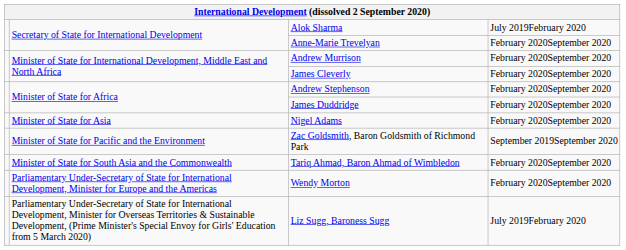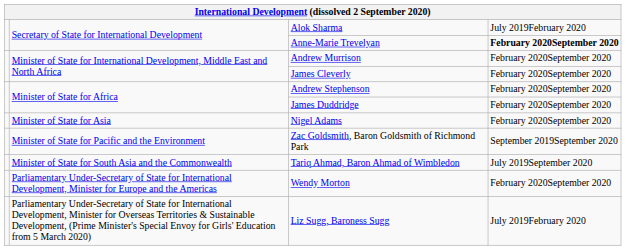 <table class="wikitable">
 <tr>
 <th colspan="4"><a href='#'>International Development</a> (dissolved 2 September 2020)</th>
 </tr>
 <tr>
 <td rowspan=2 style="width: 1px; background: "></td>
 <td rowspan=2 style="width: 450px;"><a href='#'>Secretary of State for International Development</a></td>
 <td style="width: 320px;"><a href='#'>Alok Sharma</a></td>
 <td>July 2019February 2020</td>
 </tr>
 <tr>
 <td><a href='#'>Anne-Marie Trevelyan</a></td>
-<td>February 2020September 2020</td>
+<td><strong>February 2020September 2020</strong></td>
 </tr>
 <tr>
 <td rowspan=2 style="width: 1px; background: "></td>
 <td rowspan=2 style="width: 450px;"><a href='#'>Minister of State for International Development, Middle East and North Africa</a></td>
 <td style="width: 320px;"><a href='#'>Andrew Murrison</a> <br></td>
 <td>February 2020September 2020</td>
 </tr>
 <tr>
 <td><a href='#'>James Cleverly</a> <br></td>
 <td>February 2020September 2020</td>
 </tr>
 <tr>
 <td rowspan=2 style="width: 1px; background: "></td>
 <td rowspan=2 style="width: 450px;"><a href='#'>Minister of State for Africa</a></td>
 <td style="width: 320px;"><a href='#'>Andrew Stephenson</a> <br></td>
 <td>February 2020September 2020</td>
 </tr>
 <tr>
 <td><a href='#'>James Duddridge</a> <br></td>
 <td>February 2020September 2020</td>
 </tr>
 <tr>
 <td style="width: 1px; background: "></td>
 <td><a href='#'>Minister of State for Asia</a></td>
 <td><a href='#'>Nigel Adams</a> <br></td>
 <td>February 2020September 2020</td>
 </tr>
 <tr>
 <td style="width: 1px; background: "></td>
 <td><a href='#'>Minister of State for Pacific and the Environment</a></td>
 <td><a href='#'>Zac Goldsmith</a>, Baron Goldsmith of Richmond Park <br></td>
 <td>September 2019September 2020</td>
 </tr>
 <tr>
 <td style="width: 1px; background: "></td>
 <td><a href='#'>Minister of State for South Asia and the Commonwealth</a></td>
 <td><a href='#'>Tariq Ahmad, Baron Ahmad of Wimbledon</a> <br></td>
-<td>February 2020September 2020</td>
+<td>July 2019September 2020</td>
 </tr>
 <tr>
 <td style="width: 1px; background: "></td>
 <td><a href='#'>Parliamentary Under-Secretary of State for International Development, Minister for Europe and the Americas</a></td>
 <td><a href='#'>Wendy Morton</a> <br></td>
 <td>February 2020September 2020</td>
 </tr>
 <tr>
 <td style="width: 1px; background: "></td>
 <td>Parliamentary Under-Secretary of State for International Development, Minister for Overseas Territories & Sustainable Development, (Prime Minister's Special Envoy for Girls' Education from 5 March 2020)</td>
 <td><a href='#'>Liz Sugg, Baroness Sugg</a> </td>
 <td>July 2019February 2020</td>
 </tr>
 </table>
